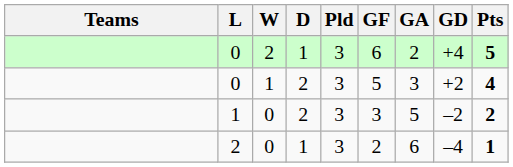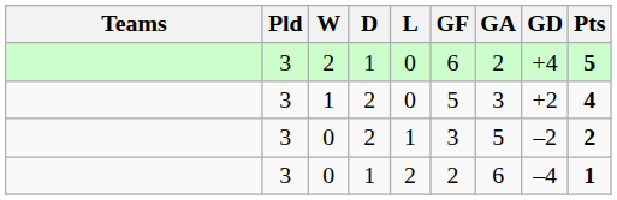 <table class="wikitable" style="text-align: center;">
 <tr>
 <th width=165>Teams</th>
-<th width=20>L</th>
+<th width=20>Pld</th>
 <th width=20>W</th>
 <th width=20>D</th>
-<th width=20>Pld</th>
+<th width=20>L</th>
 <th width=20>GF</th>
 <th width=20>GA</th>
 <th width=20>GD</th>
 <th width=20>Pts</th>
 </tr>
 <tr align=center style="background:#ccffcc;">
 <td style="text-align:left;"></td>
-<td>0</td>
+<td>3</td>
 <td>2</td>
 <td>1</td>
-<td>3</td>
+<td>0</td>
 <td>6</td>
 <td>2</td>
 <td>+4</td>
 <td><strong>5</strong></td>
 </tr>
 <tr align=center>
 <td style="text-align:left;"></td>
-<td>0</td>
+<td>3</td>
 <td>1</td>
 <td>2</td>
-<td>3</td>
+<td>0</td>
 <td>5</td>
 <td>3</td>
 <td>+2</td>
 <td><strong>4</strong></td>
 </tr>
 <tr align=center>
 <td style="text-align:left;"></td>
-<td>1</td>
+<td>3</td>
 <td>0</td>
 <td>2</td>
-<td>3</td>
+<td>1</td>
 <td>3</td>
 <td>5</td>
 <td>–2</td>
 <td><strong>2</strong></td>
 </tr>
 <tr align=center>
 <td style="text-align:left;"></td>
-<td>2</td>
+<td>3</td>
 <td>0</td>
 <td>1</td>
-<td>3</td>
+<td>2</td>
 <td>2</td>
 <td>6</td>
 <td>–4</td>
 <td><strong>1</strong></td>
 </tr>
 </table>
